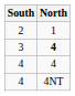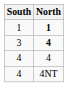 <table class="wikitable" style="float:left; margin-top:5px; margin-right:15px;">
 <tr>
 <th width="50%">South</th>
 <th width="50%">North</th>
 </tr>
 <tr align=center>
-<td>2</td>
 <td>1</td>
+<td><strong>1</strong></td>
 </tr>
 <tr align=center>
 <td>3</td>
 <td><strong>4</strong></td>
 </tr>
 <tr align=center>
 <td>4</td>
 <td>4</td>
 </tr>
 <tr align=center>
 <td>4</td>
 <td>4NT</td>
 </tr>
 </table>
